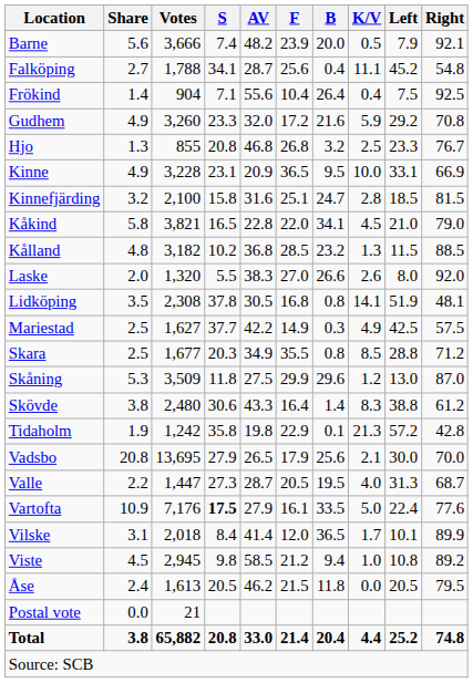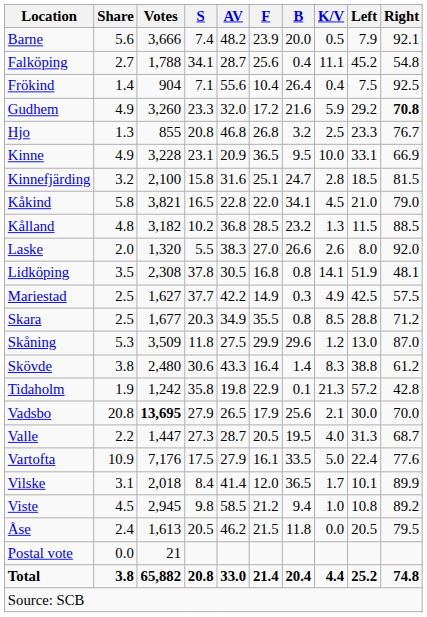 <table class="wikitable sortable" style=text-align:right>
 <tr>
 <th>Location</th>
 <th>Share</th>
 <th>Votes</th>
 <th><a href='#'>S</a></th>
 <th><a href='#'>AV</a></th>
 <th><a href='#'>F</a></th>
 <th><a href='#'>B</a></th>
 <th><a href='#'>K/V</a></th>
 <th>Left</th>
 <th>Right</th>
 </tr>
 <tr>
 <td align=left><a href='#'>Barne</a></td>
 <td>5.6</td>
 <td>3,666</td>
 <td>7.4</td>
 <td>48.2</td>
 <td>23.9</td>
 <td>20.0</td>
 <td>0.5</td>
 <td>7.9</td>
 <td>92.1</td>
 </tr>
 <tr>
 <td align=left><a href='#'>Falköping</a></td>
 <td>2.7</td>
 <td>1,788</td>
 <td>34.1</td>
 <td>28.7</td>
 <td>25.6</td>
 <td>0.4</td>
 <td>11.1</td>
 <td>45.2</td>
 <td>54.8</td>
 </tr>
 <tr>
 <td align=left><a href='#'>Frökind</a></td>
 <td>1.4</td>
 <td>904</td>
 <td>7.1</td>
 <td>55.6</td>
 <td>10.4</td>
 <td>26.4</td>
 <td>0.4</td>
 <td>7.5</td>
 <td>92.5</td>
 </tr>
 <tr>
 <td align=left><a href='#'>Gudhem</a></td>
 <td>4.9</td>
 <td>3,260</td>
 <td>23.3</td>
 <td>32.0</td>
 <td>17.2</td>
 <td>21.6</td>
 <td>5.9</td>
 <td>29.2</td>
-<td>70.8</td>
+<td><strong>70.8</strong></td>
 </tr>
 <tr>
 <td align=left><a href='#'>Hjo</a></td>
 <td>1.3</td>
 <td>855</td>
 <td>20.8</td>
 <td>46.8</td>
 <td>26.8</td>
 <td>3.2</td>
 <td>2.5</td>
 <td>23.3</td>
 <td>76.7</td>
 </tr>
 <tr>
 <td align=left><a href='#'>Kinne</a></td>
 <td>4.9</td>
 <td>3,228</td>
 <td>23.1</td>
 <td>20.9</td>
 <td>36.5</td>
 <td>9.5</td>
 <td>10.0</td>
 <td>33.1</td>
 <td>66.9</td>
 </tr>
 <tr>
 <td align=left><a href='#'>Kinnefjärding</a></td>
 <td>3.2</td>
 <td>2,100</td>
 <td>15.8</td>
 <td>31.6</td>
 <td>25.1</td>
 <td>24.7</td>
 <td>2.8</td>
 <td>18.5</td>
 <td>81.5</td>
 </tr>
 <tr>
 <td align=left><a href='#'>Kåkind</a></td>
 <td>5.8</td>
 <td>3,821</td>
 <td>16.5</td>
 <td>22.8</td>
 <td>22.0</td>
 <td>34.1</td>
 <td>4.5</td>
 <td>21.0</td>
 <td>79.0</td>
 </tr>
 <tr>
 <td align=left><a href='#'>Kålland</a></td>
 <td>4.8</td>
 <td>3,182</td>
 <td>10.2</td>
 <td>36.8</td>
 <td>28.5</td>
 <td>23.2</td>
 <td>1.3</td>
 <td>11.5</td>
 <td>88.5</td>
 </tr>
 <tr>
 <td align=left><a href='#'>Laske</a></td>
 <td>2.0</td>
 <td>1,320</td>
 <td>5.5</td>
 <td>38.3</td>
 <td>27.0</td>
 <td>26.6</td>
 <td>2.6</td>
 <td>8.0</td>
 <td>92.0</td>
 </tr>
 <tr>
 <td align=left><a href='#'>Lidköping</a></td>
 <td>3.5</td>
 <td>2,308</td>
 <td>37.8</td>
 <td>30.5</td>
 <td>16.8</td>
 <td>0.8</td>
 <td>14.1</td>
 <td>51.9</td>
 <td>48.1</td>
 </tr>
 <tr>
 <td align=left><a href='#'>Mariestad</a></td>
 <td>2.5</td>
 <td>1,627</td>
 <td>37.7</td>
 <td>42.2</td>
 <td>14.9</td>
 <td>0.3</td>
 <td>4.9</td>
 <td>42.5</td>
 <td>57.5</td>
 </tr>
 <tr>
 <td align=left><a href='#'>Skara</a></td>
 <td>2.5</td>
 <td>1,677</td>
 <td>20.3</td>
 <td>34.9</td>
 <td>35.5</td>
 <td>0.8</td>
 <td>8.5</td>
 <td>28.8</td>
 <td>71.2</td>
 </tr>
 <tr>
 <td align=left><a href='#'>Skåning</a></td>
 <td>5.3</td>
 <td>3,509</td>
 <td>11.8</td>
 <td>27.5</td>
 <td>29.9</td>
 <td>29.6</td>
 <td>1.2</td>
 <td>13.0</td>
 <td>87.0</td>
 </tr>
 <tr>
 <td align=left><a href='#'>Skövde</a></td>
 <td>3.8</td>
 <td>2,480</td>
 <td>30.6</td>
 <td>43.3</td>
 <td>16.4</td>
 <td>1.4</td>
 <td>8.3</td>
 <td>38.8</td>
 <td>61.2</td>
 </tr>
 <tr>
 <td align=left><a href='#'>Tidaholm</a></td>
 <td>1.9</td>
 <td>1,242</td>
 <td>35.8</td>
 <td>19.8</td>
 <td>22.9</td>
 <td>0.1</td>
 <td>21.3</td>
 <td>57.2</td>
 <td>42.8</td>
 </tr>
 <tr>
 <td align=left><a href='#'>Vadsbo</a></td>
 <td>20.8</td>
-<td>13,695</td>
+<td><strong>13,695</strong></td>
 <td>27.9</td>
 <td>26.5</td>
 <td>17.9</td>
 <td>25.6</td>
 <td>2.1</td>
 <td>30.0</td>
 <td>70.0</td>
 </tr>
 <tr>
 <td align=left><a href='#'>Valle</a></td>
 <td>2.2</td>
 <td>1,447</td>
 <td>27.3</td>
 <td>28.7</td>
 <td>20.5</td>
 <td>19.5</td>
 <td>4.0</td>
 <td>31.3</td>
 <td>68.7</td>
 </tr>
 <tr>
 <td align=left><a href='#'>Vartofta</a></td>
 <td>10.9</td>
 <td>7,176</td>
-<td><strong>17.5</strong></td>
+<td>17.5</td>
 <td>27.9</td>
 <td>16.1</td>
 <td>33.5</td>
 <td>5.0</td>
 <td>22.4</td>
 <td>77.6</td>
 </tr>
 <tr>
 <td align=left><a href='#'>Vilske</a></td>
 <td>3.1</td>
 <td>2,018</td>
 <td>8.4</td>
 <td>41.4</td>
 <td>12.0</td>
 <td>36.5</td>
 <td>1.7</td>
 <td>10.1</td>
 <td>89.9</td>
 </tr>
 <tr>
 <td align=left><a href='#'>Viste</a></td>
 <td>4.5</td>
 <td>2,945</td>
 <td>9.8</td>
 <td>58.5</td>
 <td>21.2</td>
 <td>9.4</td>
 <td>1.0</td>
 <td>10.8</td>
 <td>89.2</td>
 </tr>
 <tr>
 <td align=left><a href='#'>Åse</a></td>
 <td>2.4</td>
 <td>1,613</td>
 <td>20.5</td>
 <td>46.2</td>
 <td>21.5</td>
 <td>11.8</td>
 <td>0.0</td>
 <td>20.5</td>
 <td>79.5</td>
 </tr>
 <tr>
 <td align=left><a href='#'>Postal vote</a></td>
 <td>0.0</td>
 <td>21</td>
 <td></td>
 <td></td>
 <td></td>
 <td></td>
 <td></td>
 <td></td>
 <td></td>
 </tr>
 <tr>
 <td align=left><strong>Total</strong></td>
 <td><strong>3.8</strong></td>
 <td><strong>65,882</strong></td>
 <td><strong>20.8</strong></td>
 <td><strong>33.0</strong></td>
 <td><strong>21.4</strong></td>
 <td><strong>20.4</strong></td>
 <td><strong>4.4</strong></td>
 <td><strong>25.2</strong></td>
 <td><strong>74.8</strong></td>
 </tr>
 <tr>
 <td align=left colspan=10>Source: SCB </td>
 </tr>
 </table>
